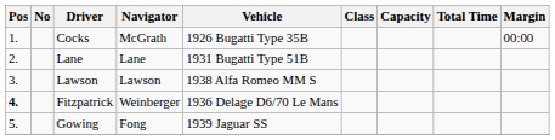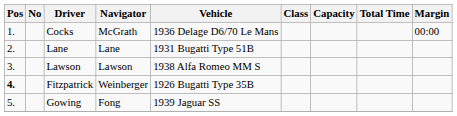 <table class="wikitable sortable" style="font-size: 90%;">
 <tr>
 <th>Pos</th>
 <th>No</th>
 <th>Driver</th>
 <th>Navigator</th>
 <th>Vehicle</th>
 <th>Class</th>
 <th>Capacity</th>
 <th>Total Time</th>
 <th>Margin</th>
 </tr>
 <tr>
 <td>1.</td>
 <td></td>
 <td> Cocks</td>
 <td> McGrath</td>
-<td>1926 Bugatti Type 35B</td>
+<td>1936 Delage D6/70 Le Mans</td>
 <td></td>
 <td></td>
 <td></td>
 <td>00:00</td>
 </tr>
 <tr>
 <td>2.</td>
 <td></td>
 <td> Lane</td>
 <td> Lane</td>
 <td>1931 Bugatti Type 51B</td>
 <td></td>
 <td></td>
 <td></td>
 <td></td>
 </tr>
 <tr>
 <td>3.</td>
 <td></td>
 <td> Lawson</td>
 <td> Lawson</td>
 <td>1938 Alfa Romeo MM S</td>
 <td></td>
 <td></td>
 <td></td>
 <td></td>
 </tr>
 <tr>
 <td><strong>4.</strong></td>
 <td></td>
 <td> Fitzpatrick</td>
 <td> Weinberger</td>
-<td>1936 Delage D6/70 Le Mans</td>
+<td>1926 Bugatti Type 35B</td>
 <td></td>
 <td></td>
 <td></td>
 <td></td>
 </tr>
 <tr>
 <td>5.</td>
 <td></td>
 <td> Gowing</td>
 <td> Fong</td>
 <td>1939 Jaguar SS</td>
 <td></td>
 <td></td>
 <td></td>
 <td></td>
 </tr>
 <tr>
 </tr>
 </table>
